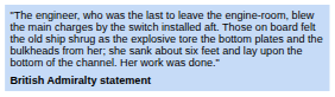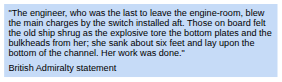 <table class="toccolours" style="float: right; margin-left: 2em; margin-right: 1em; font-size: 85%; background:#c6dbf7; color:black; width:30em; max-width: 40%;" cellspacing="5">
 <tr>
 <td style="text-align: left;">"The engineer, who was the last to leave the engine-room, blew the main charges by the switch installed aft. Those on board felt the old ship shrug as the explosive tore the bottom plates and the bulkheads from her; she sank about six feet and lay upon the bottom of the channel. Her work was done."</td>
 </tr>
 <tr>
-<td style="text-align: left;"><strong>British Admiralty statement</strong></td>
+<td style="text-align: left;">British Admiralty statement</td>
 </tr>
 </table>
